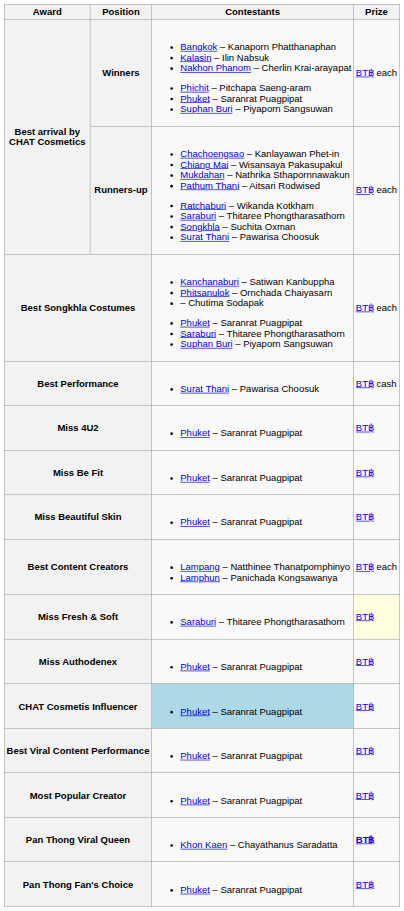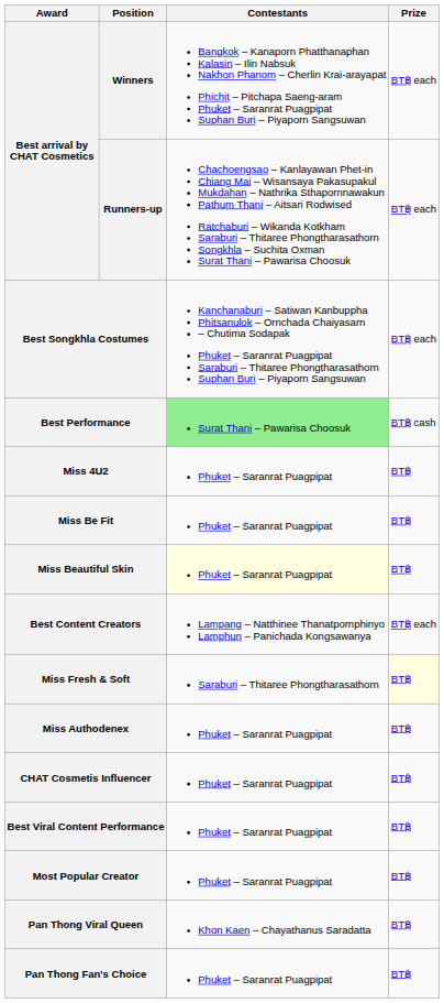 <table class="wikitable sticky-header" style="font-size: 90%;">
 <tr>
 <th>Award</th>
 <th>Position</th>
 <th>Contestants</th>
 <th>Prize</th>
 </tr>
 <tr>
 <th rowspan=2>Best arrival by<br>CHAT Cosmetics</th>
 <th>Winners</th>
 <td><br><ul><li><a href='#'>Bangkok</a> – Kanaporn Phatthanaphan</li><li><a href='#'>Kalasin</a> – Ilin Nabsuk</li><li><a href='#'>Nakhon Phanom</a> – Cherlin Krai-arayapat</li></ul><ul><li><a href='#'>Phichit</a> – Pitchapa Saeng-aram</li><li><a href='#'>Phuket</a> – Saranrat Puagpipat</li><li><a href='#'>Suphan Buri</a> – Piyaporn Sangsuwan</li></ul></td>
 <td><a href='#'>BT฿</a> each</td>
 </tr>
 <tr>
 <th>Runners-up</th>
 <td><br><ul><li><a href='#'>Chachoengsao</a> – Kanlayawan Phet-in</li><li><a href='#'>Chiang Mai</a> – Wisansaya Pakasupakul</li><li><a href='#'>Mukdahan</a> – Nathrika Sthapornnawakun</li><li><a href='#'>Pathum Thani</a> – Aitsari Rodwised</li></ul><ul><li><a href='#'>Ratchaburi</a> – Wikanda Kotkham</li><li><a href='#'>Saraburi</a> – Thitaree Phongtharasathorn</li><li><a href='#'>Songkhla</a> – Suchita Oxman</li><li><a href='#'>Surat Thani</a> – Pawarisa Choosuk</li></ul></td>
 <td><a href='#'>BT฿</a> each</td>
 </tr>
 <tr>
 <th colspan=2>Best Songkhla Costumes</th>
 <td><br><ul><li><a href='#'>Kanchanaburi</a> – Satiwan Kanbuppha</li><li><a href='#'>Phitsanulok</a> – Ornchada Chaiyasarn</li><li> – Chutima Sodapak</li></ul><ul><li><a href='#'>Phuket</a> – Saranrat Puagpipat</li><li><a href='#'>Saraburi</a> – Thitaree Phongtharasathorn</li><li><a href='#'>Suphan Buri</a> – Piyaporn Sangsuwan</li></ul></td>
 <td><a href='#'>BT฿</a> each</td>
 </tr>
 <tr>
 <th colspan=2>Best Performance</th>
-<td><br><ul><li><a href='#'>Surat Thani</a> – Pawarisa Choosuk</li></ul></td>
+<td style="background: lightgreen;"><br><ul><li><a href='#'>Surat Thani</a> – Pawarisa Choosuk</li></ul></td>
 <td><a href='#'>BT฿</a> cash</td>
 </tr>
 <tr>
 <th colspan=2>Miss 4U2</th>
 <td><br><ul><li><a href='#'>Phuket</a> – Saranrat Puagpipat</li></ul></td>
 <td><a href='#'>BT฿</a></td>
 </tr>
 <tr>
 <th colspan=2>Miss Be Fit</th>
 <td><br><ul><li><a href='#'>Phuket</a> – Saranrat Puagpipat</li></ul></td>
 <td><a href='#'>BT฿</a></td>
 </tr>
 <tr>
 <th colspan=2>Miss Beautiful Skin</th>
-<td><br><ul><li><a href='#'>Phuket</a> – Saranrat Puagpipat</li></ul></td>
+<td style="background: lightyellow;"><br><ul><li><a href='#'>Phuket</a> – Saranrat Puagpipat</li></ul></td>
 <td><a href='#'>BT฿</a></td>
 </tr>
 <tr>
 <th colspan=2>Best Content Creators</th>
 <td><br><ul><li><a href='#'>Lampang</a> – Natthinee Thanatpornphinyo</li><li><a href='#'>Lamphun</a> – Panichada Kongsawanya</li></ul></td>
 <td><a href='#'>BT฿</a> each</td>
 </tr>
 <tr>
 <th colspan=2>Miss Fresh & Soft</th>
 <td><br><ul><li><a href='#'>Saraburi</a> – Thitaree Phongtharasathorn</li></ul></td>
 <td style="background: lightyellow;"><a href='#'>BT฿</a></td>
 </tr>
 <tr>
 <th colspan=2>Miss Authodenex</th>
 <td><br><ul><li><a href='#'>Phuket</a> – Saranrat Puagpipat</li></ul></td>
 <td><a href='#'>BT฿</a></td>
 </tr>
 <tr>
 <th colspan=2>CHAT Cosmetis Influencer</th>
-<td style="background: lightblue;"><br><ul><li><a href='#'>Phuket</a> – Saranrat Puagpipat</li></ul></td>
+<td><br><ul><li><a href='#'>Phuket</a> – Saranrat Puagpipat</li></ul></td>
 <td><a href='#'>BT฿</a></td>
 </tr>
 <tr>
 <th colspan=2>Best Viral Content Performance</th>
 <td><br><ul><li><a href='#'>Phuket</a> – Saranrat Puagpipat</li></ul></td>
 <td><a href='#'>BT฿</a></td>
 </tr>
 <tr>
 <th colspan=2>Most Popular Creator</th>
 <td><br><ul><li><a href='#'>Phuket</a> – Saranrat Puagpipat</li></ul></td>
 <td><a href='#'>BT฿</a></td>
 </tr>
 <tr>
 <th colspan=2>Pan Thong Viral Queen</th>
 <td><br><ul><li><a href='#'>Khon Kaen</a> – Chayathanus Saradatta</li></ul></td>
-<td><strong><a href='#'>BT฿</a></strong></td>
+<td><a href='#'>BT฿</a></td>
 </tr>
 <tr>
 <th colspan=2>Pan Thong Fan's Choice</th>
 <td><br><ul><li><a href='#'>Phuket</a> – Saranrat Puagpipat</li></ul></td>
 <td><a href='#'>BT฿</a></td>
 </tr>
 </table>
